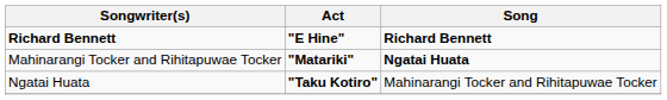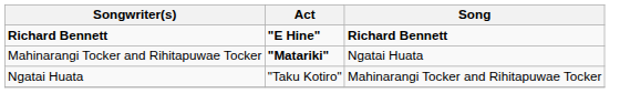 <table class="wikitable">
 <tr>
 <th>Songwriter(s)</th>
 <th>Act</th>
 <th>Song</th>
 </tr>
 <tr>
 <td><strong>Richard Bennett</strong></td>
 <td><strong>"E Hine"</strong></td>
 <td><strong>Richard Bennett</strong></td>
 </tr>
 <tr>
 <td>Mahinarangi Tocker and Rihitapuwae Tocker</td>
 <td><strong>"Matariki"</strong></td>
-<td><strong>Ngatai Huata</strong></td>
+<td>Ngatai Huata</td>
 </tr>
 <tr>
 <td>Ngatai Huata</td>
-<td><strong>"Taku Kotiro"</strong></td>
+<td>"Taku Kotiro"</td>
 <td>Mahinarangi Tocker and Rihitapuwae Tocker</td>
 </tr>
 <tr>
 </tr>
 </table>
